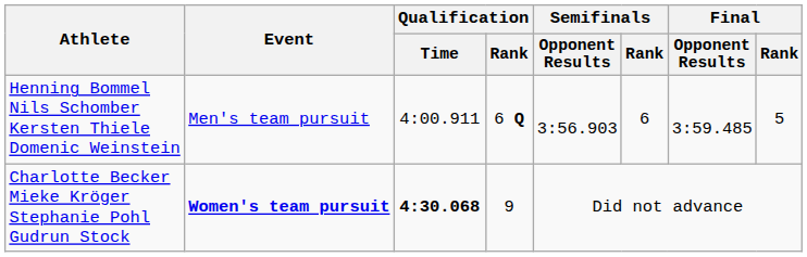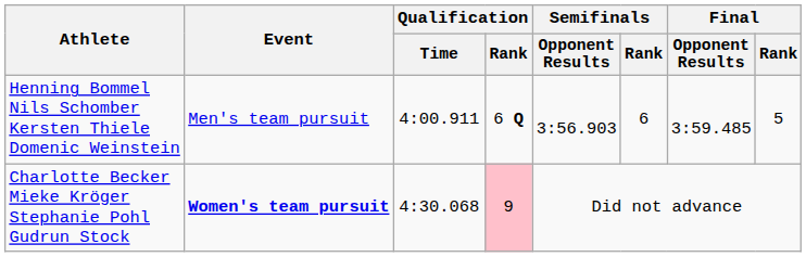 <table class="wikitable" style="font-size:90%">
 <tr>
 <th rowspan=2>Athlete</th>
 <th rowspan=2>Event</th>
 <th colspan=2>Qualification</th>
 <th colspan=2>Semifinals</th>
 <th colspan=2>Final</th>
 </tr>
 <tr style="font-size:95%">
 <th>Time</th>
 <th>Rank</th>
 <th>Opponent<br>Results</th>
 <th>Rank</th>
 <th>Opponent<br>Results</th>
 <th>Rank</th>
 </tr>
 <tr align=center>
 <td align=left><a href='#'>Henning Bommel</a><br><a href='#'>Nils Schomber</a><br><a href='#'>Kersten Thiele</a><br><a href='#'>Domenic Weinstein</a></td>
 <td align=left><a href='#'>Men's team pursuit</a></td>
 <td>4:00.911</td>
 <td>6 <strong>Q</strong></td>
 <td><br>3:56.903</td>
 <td>6</td>
 <td><br>3:59.485</td>
 <td>5</td>
 </tr>
 <tr align=center>
 <td align=left><a href='#'>Charlotte Becker</a><br><a href='#'>Mieke Kröger</a><br><a href='#'>Stephanie Pohl</a><br><a href='#'>Gudrun Stock</a></td>
 <td align=left><strong><a href='#'>Women's team pursuit</a></strong></td>
-<td><strong>4:30.068</strong></td>
-<td>9</td>
+<td>4:30.068</td>
+<td style="background: pink;">9</td>
 <td colspan=4>Did not advance</td>
 </tr>
 </table>
